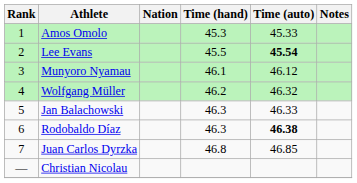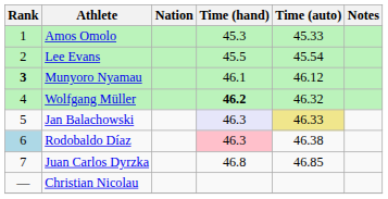 <table class="wikitable sortable" style="text-align:center">
 <tr>
 <th>Rank</th>
 <th>Athlete</th>
 <th>Nation</th>
 <th>Time (hand)</th>
 <th>Time (auto)</th>
 <th>Notes</th>
 </tr>
 <tr bgcolor=bbf3bb>
 <td>1</td>
 <td align=left><a href='#'>Amos Omolo</a></td>
 <td align=left></td>
 <td>45.3</td>
 <td>45.33</td>
 <td></td>
 </tr>
 <tr bgcolor=bbf3bb>
 <td>2</td>
 <td align=left><a href='#'>Lee Evans</a></td>
 <td align=left></td>
 <td>45.5</td>
-<td><strong>45.54</strong></td>
+<td>45.54</td>
 <td></td>
 </tr>
 <tr bgcolor=bbf3bb>
-<td>3</td>
+<td><strong>3</strong></td>
 <td align=left><a href='#'>Munyoro Nyamau</a></td>
 <td align=left></td>
 <td>46.1</td>
 <td>46.12</td>
 <td></td>
 </tr>
 <tr bgcolor=bbf3bb>
 <td>4</td>
 <td align=left><a href='#'>Wolfgang Müller</a></td>
 <td align=left></td>
-<td>46.2</td>
+<td><strong>46.2</strong></td>
 <td>46.32</td>
 <td></td>
 </tr>
 <tr>
 <td>5</td>
 <td align=left><a href='#'>Jan Balachowski</a></td>
 <td align=left></td>
-<td>46.3</td>
-<td>46.33</td>
+<td style="background: lavender;">46.3</td>
+<td style="background: khaki;">46.33</td>
 <td></td>
 </tr>
 <tr>
-<td>6</td>
+<td style="background: lightblue;">6</td>
 <td align=left><a href='#'>Rodobaldo Díaz</a></td>
 <td align=left></td>
-<td>46.3</td>
-<td><strong>46.38</strong></td>
+<td style="background: pink;">46.3</td>
+<td>46.38</td>
 <td></td>
 </tr>
 <tr>
 <td>7</td>
 <td align=left><a href='#'>Juan Carlos Dyrzka</a></td>
 <td align=left></td>
 <td>46.8</td>
 <td>46.85</td>
 <td></td>
 </tr>
 <tr>
 <td data-sort-value=8>—</td>
 <td align=left><a href='#'>Christian Nicolau</a></td>
 <td align=left></td>
 <td></td>
 <td></td>
 <td></td>
 </tr>
 <tr>
 </tr>
 </table>
